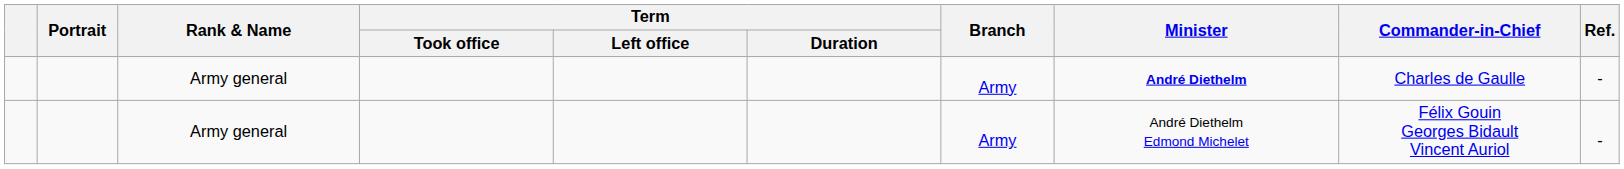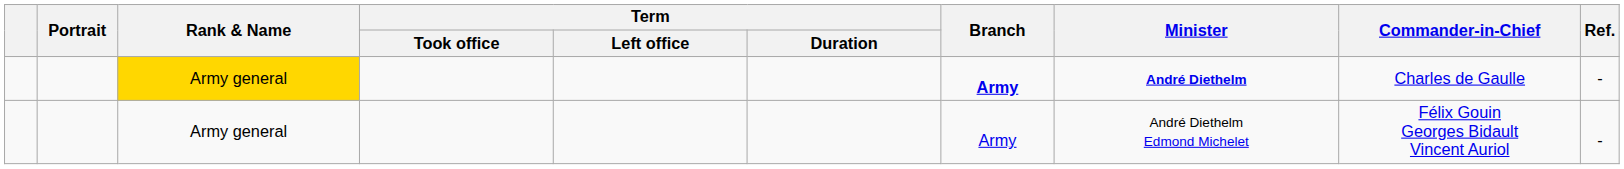 <table class="wikitable" style="text-align:center; width:100%">
 <tr>
 <th style="width:2%" rowspan=2></th>
 <th style="width:5%" rowspan=2>Portrait</th>
 <th style="width:15%" rowspan=2>Rank & Name</th>
 <th colspan=3>Term</th>
 <th style="width:7%" rowspan=2>Branch</th>
 <th rowspan=2><a href='#'>Minister</a></th>
 <th style="width:15%" rowspan=2><a href='#'>Commander-in-Chief</a></th>
 <th style="width:2%" rowspan=2>Ref.</th>
 </tr>
 <tr>
 <th style="width:12%">Took office </th>
 <th style="width:12%">Left office </th>
 <th style="width:12%">Duration</th>
 </tr>
 <tr>
 <td></td>
 <td></td>
-<td>Army general<br><strong></strong></td>
+<td style="background: gold;">Army general<br><strong></strong></td>
 <td></td>
 <td></td>
 <td></td>
-<td><br><a href='#'>Army</a></td>
+<td><strong><br><a href='#'>Army</a></strong></td>
 <td><strong><small><a href='#'>André Diethelm</a></small></strong></td>
 <td rowspan=2><a href='#'>Charles de Gaulle</a></td>
 <td>-<br></td>
 </tr>
 <tr>
 <td rowspan=2></td>
 <td rowspan=2></td>
 <td rowspan=2>Army general<br><strong></strong></td>
 <td rowspan=2></td>
 <td rowspan=2></td>
 <td rowspan=2></td>
 <td rowspan=2><br><a href='#'>Army</a></td>
 <td rowspan=2><small>André Diethelm<br><a href='#'>Edmond Michelet</a></small></td>
 <td rowspan=2><br>-</td>
 </tr>
 <tr>
 <td><a href='#'>Félix Gouin</a><br><a href='#'>Georges Bidault</a><br><a href='#'>Vincent Auriol</a></td>
 </tr>
 </table>
